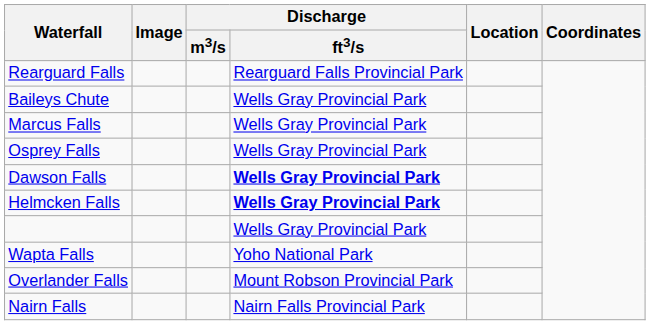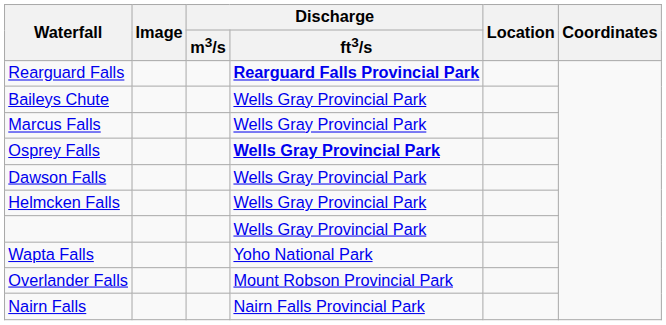 <table class="wikitable sortable">
 <tr>
 <th rowspan=2>Waterfall</th>
 <th rowspan=2 class="unsortable">Image</th>
 <th colspan=2>Discharge</th>
 <th rowspan=2>Location</th>
 <th rowspan=2>Coordinates</th>
 </tr>
 <tr>
 <th>m<sup>3</sup>/s</th>
 <th>ft<sup>3</sup>/s</th>
 </tr>
 <tr>
 <td><a href='#'>Rearguard Falls</a></td>
 <td></td>
 <td></td>
-<td><a href='#'>Rearguard Falls Provincial Park</a></td>
+<td><strong><a href='#'>Rearguard Falls Provincial Park</a></strong></td>
 <td></td>
 </tr>
 <tr>
 <td><a href='#'>Baileys Chute</a></td>
 <td></td>
 <td></td>
 <td><a href='#'>Wells Gray Provincial Park</a></td>
 <td></td>
 </tr>
 <tr>
 <td><a href='#'>Marcus Falls</a></td>
 <td></td>
 <td></td>
 <td><a href='#'>Wells Gray Provincial Park</a></td>
 <td></td>
 </tr>
 <tr>
 <td><a href='#'>Osprey Falls</a></td>
 <td></td>
 <td></td>
-<td><a href='#'>Wells Gray Provincial Park</a></td>
+<td><strong><a href='#'>Wells Gray Provincial Park</a></strong></td>
 <td></td>
 </tr>
 <tr>
 <td><a href='#'>Dawson Falls</a></td>
 <td></td>
 <td></td>
-<td><strong><a href='#'>Wells Gray Provincial Park</a></strong></td>
+<td><a href='#'>Wells Gray Provincial Park</a></td>
 <td></td>
 </tr>
 <tr>
 <td><a href='#'>Helmcken Falls</a></td>
 <td></td>
 <td></td>
-<td><strong><a href='#'>Wells Gray Provincial Park</a></strong></td>
+<td><a href='#'>Wells Gray Provincial Park</a></td>
 <td></td>
 </tr>
 <tr>
 <td></td>
 <td></td>
 <td></td>
 <td><a href='#'>Wells Gray Provincial Park</a></td>
 <td></td>
 </tr>
 <tr>
 <td><a href='#'>Wapta Falls</a></td>
 <td></td>
 <td></td>
 <td><a href='#'>Yoho National Park</a></td>
 <td></td>
 </tr>
 <tr>
 <td><a href='#'>Overlander Falls</a></td>
 <td></td>
 <td></td>
 <td><a href='#'>Mount Robson Provincial Park</a></td>
 <td></td>
 </tr>
 <tr>
 <td><a href='#'>Nairn Falls</a></td>
 <td></td>
 <td></td>
 <td><a href='#'>Nairn Falls Provincial Park</a></td>
 <td></td>
 </tr>
 </table>
